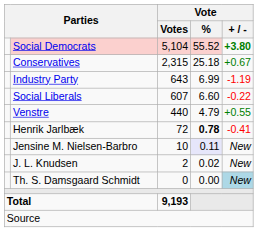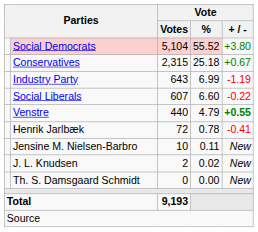 <table class="wikitable" style="text-align:right;">
 <tr>
 <th style="text-align:centre;" rowspan="2" colspan="2" width="225">Parties</th>
 <th colspan="3">Vote</th>
 </tr>
 <tr>
 <th width="15">Votes</th>
 <th width="15">%</th>
 <th width="15">+ / -</th>
 </tr>
 <tr>
 <td width="2" style="color:inherit;background:"></td>
 <td bgcolor=#fbd0ce  align="left"><a href='#'>Social Democrats</a></td>
 <td bgcolor=#fbd0ce>5,104</td>
 <td bgcolor=#fbd0ce>55.52</td>
-<td style=color:green;><strong>+3.80</strong></td>
+<td style=color:green;>+3.80</td>
 </tr>
 <tr>
 <td width="2" style="color:inherit;background:"></td>
 <td align="left"><a href='#'>Conservatives</a></td>
 <td>2,315</td>
 <td>25.18</td>
 <td style=color:green;>+0.67</td>
 </tr>
 <tr>
 <td width="2" style="color:inherit;background:"></td>
 <td align="left"><a href='#'>Industry Party</a></td>
 <td>643</td>
 <td>6.99</td>
 <td style=color:red;>-1.19</td>
 </tr>
 <tr>
 <td width="2" style="color:inherit;background:"></td>
 <td align="left"><a href='#'>Social Liberals</a></td>
 <td>607</td>
 <td>6.60</td>
 <td style=color:red;>-0.22</td>
 </tr>
 <tr>
 <td width="2" style="color:inherit;background:"></td>
 <td align="left"><a href='#'>Venstre</a></td>
 <td>440</td>
 <td>4.79</td>
-<td style=color:green;>+0.55</td>
+<td style=color:green;><strong>+0.55</strong></td>
 </tr>
 <tr>
 <td width="2" style="color:inherit;background:"></td>
 <td align="left">Henrik Jarlbæk</td>
 <td>72</td>
-<td><strong>0.78</strong></td>
+<td>0.78</td>
 <td style=color:red;>-0.41</td>
 </tr>
 <tr>
 <td width="2" style="color:inherit;background:"></td>
 <td align="left">Jensine M. Nielsen-Barbro</td>
 <td>10</td>
-<td style="background: lavender;">0.11</td>
+<td>0.11</td>
 <td><em>New</em></td>
 </tr>
 <tr>
 <td width="2" style="color:inherit;background:"></td>
 <td align="left">J. L. Knudsen</td>
 <td>2</td>
 <td>0.02</td>
 <td><em>New</em></td>
 </tr>
 <tr>
 <td width="2" style="color:inherit;background:"></td>
 <td align="left">Th. S. Damsgaard Schmidt</td>
 <td>0</td>
 <td>0.00</td>
-<td style="background: lightblue;"><em>New</em></td>
+<td><em>New</em></td>
 </tr>
 <tr>
 <td colspan="7" bgcolor="#E9E9E9"></td>
 </tr>
 <tr>
 <td align="left" colspan="2"><strong>Total</strong></td>
 <td><strong>9,193</strong></td>
 <td bgcolor="#E9E9E9" colspan="2"></td>
 </tr>
 <tr>
 <td align="left" colspan="6">Source</td>
 </tr>
 </table>
